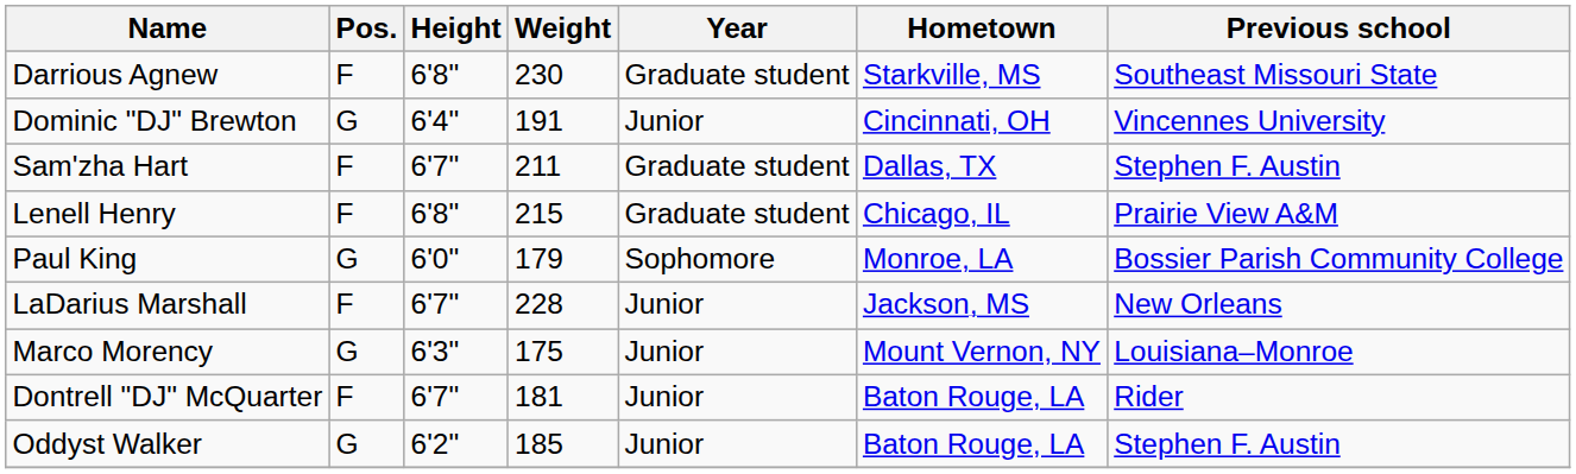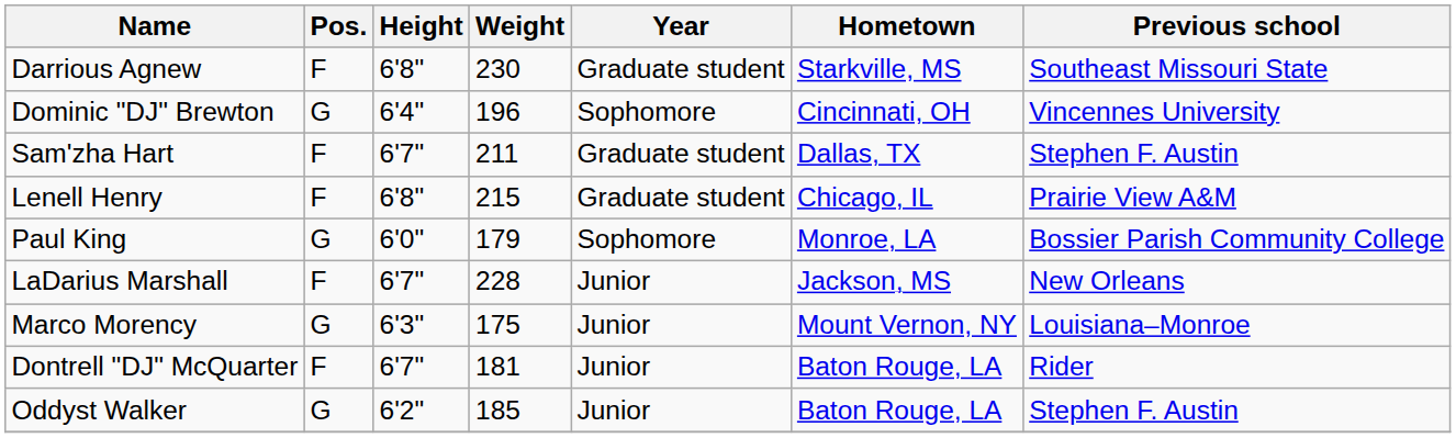 <table class="wikitable sortable" border="1">
 <tr align=center>
 <th>Name</th>
 <th>Pos.</th>
 <th>Height</th>
 <th>Weight</th>
 <th>Year</th>
 <th>Hometown</th>
 <th>Previous school</th>
 </tr>
 <tr>
 <td>Darrious Agnew</td>
 <td>F</td>
 <td>6'8"</td>
 <td>230</td>
 <td>Graduate student</td>
 <td><a href='#'>Starkville, MS</a></td>
 <td><a href='#'>Southeast Missouri State</a></td>
 </tr>
 <tr>
 <td>Dominic "DJ" Brewton</td>
 <td>G</td>
 <td>6'4"</td>
-<td>191</td>
-<td>Junior</td>
+<td>196</td>
+<td>Sophomore</td>
 <td><a href='#'>Cincinnati, OH</a></td>
 <td><a href='#'>Vincennes University</a></td>
 </tr>
 <tr>
 <td>Sam'zha Hart</td>
 <td>F</td>
 <td>6'7"</td>
 <td>211</td>
 <td>Graduate student</td>
 <td><a href='#'>Dallas, TX</a></td>
 <td><a href='#'>Stephen F. Austin</a></td>
 </tr>
 <tr>
 <td>Lenell Henry</td>
 <td>F</td>
 <td>6'8"</td>
 <td>215</td>
 <td>Graduate student</td>
 <td><a href='#'>Chicago, IL</a></td>
 <td><a href='#'>Prairie View A&M</a></td>
 </tr>
 <tr>
 <td>Paul King</td>
 <td>G</td>
 <td>6'0"</td>
 <td>179</td>
 <td>Sophomore</td>
 <td><a href='#'>Monroe, LA</a></td>
 <td><a href='#'>Bossier Parish Community College</a></td>
 </tr>
 <tr>
 <td>LaDarius Marshall</td>
 <td>F</td>
 <td>6'7"</td>
 <td>228</td>
 <td>Junior</td>
 <td><a href='#'>Jackson, MS</a></td>
 <td><a href='#'>New Orleans</a></td>
 </tr>
 <tr>
 <td>Marco Morency</td>
 <td>G</td>
 <td>6'3"</td>
 <td>175</td>
 <td>Junior</td>
 <td><a href='#'>Mount Vernon, NY</a></td>
 <td><a href='#'>Louisiana–Monroe</a></td>
 </tr>
 <tr>
 <td>Dontrell "DJ" McQuarter</td>
 <td>F</td>
 <td>6'7"</td>
 <td>181</td>
 <td>Junior</td>
 <td><a href='#'>Baton Rouge, LA</a></td>
 <td><a href='#'>Rider</a></td>
 </tr>
 <tr>
 <td>Oddyst Walker</td>
 <td>G</td>
 <td>6'2"</td>
 <td>185</td>
 <td>Junior</td>
 <td><a href='#'>Baton Rouge, LA</a></td>
 <td><a href='#'>Stephen F. Austin</a></td>
 </tr>
 <tr>
 </tr>
 </table>
